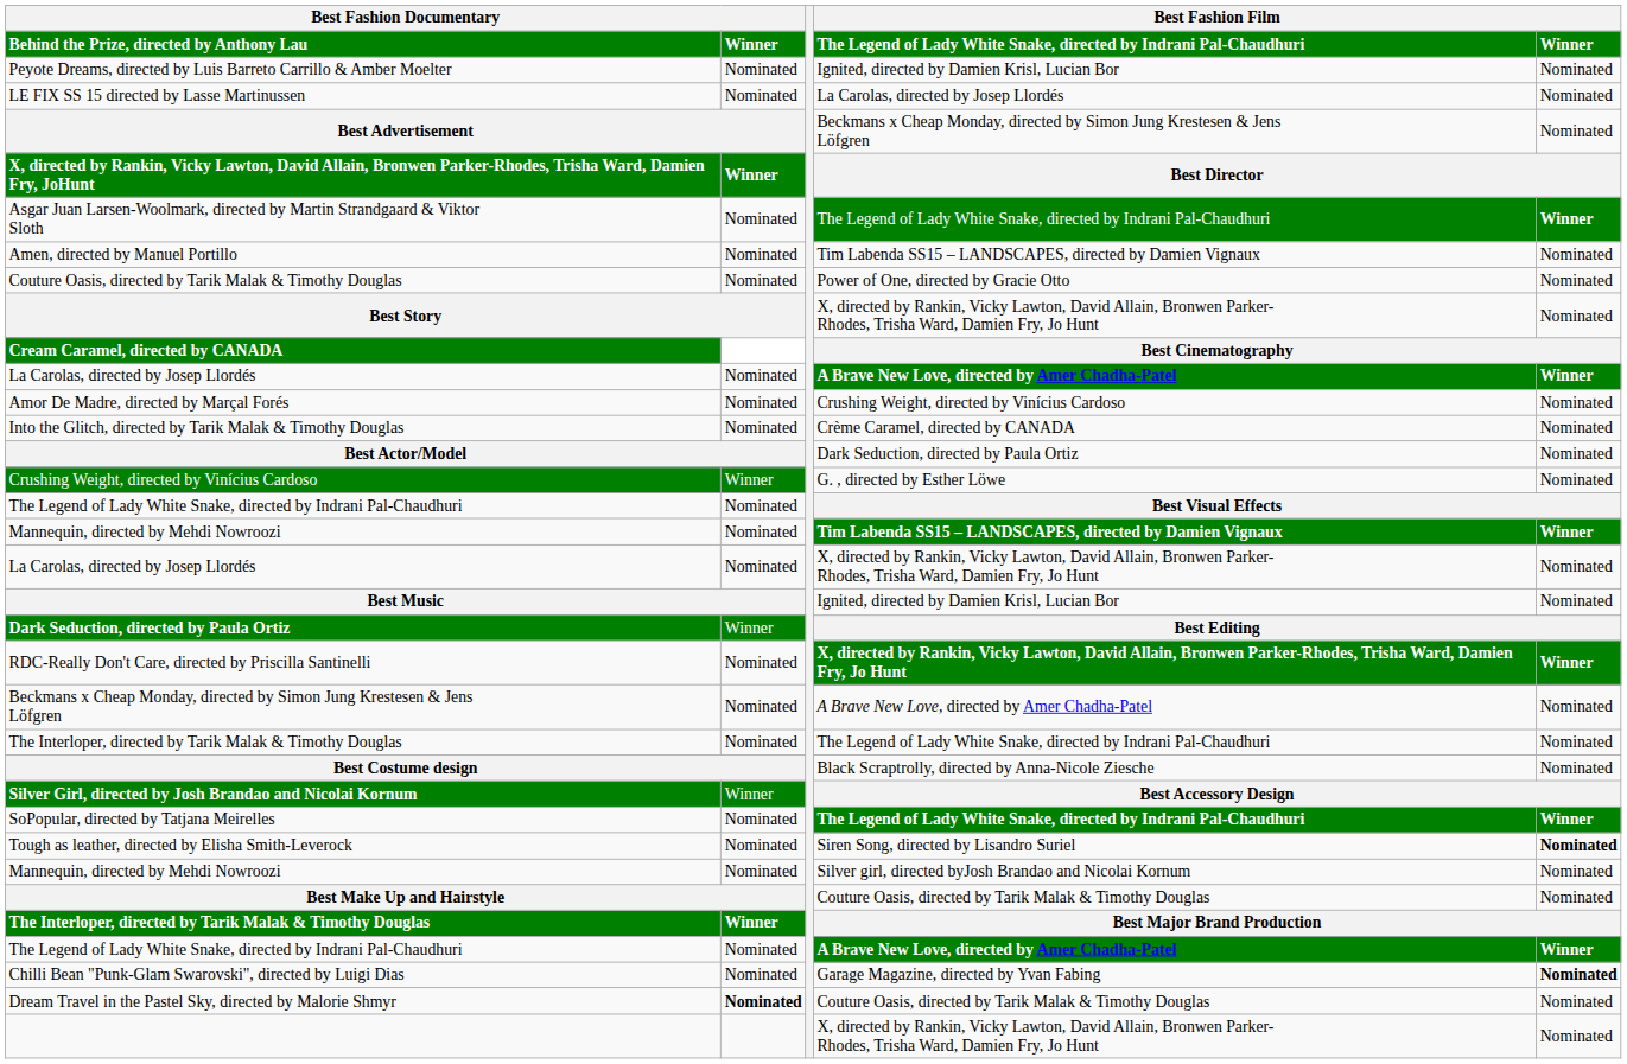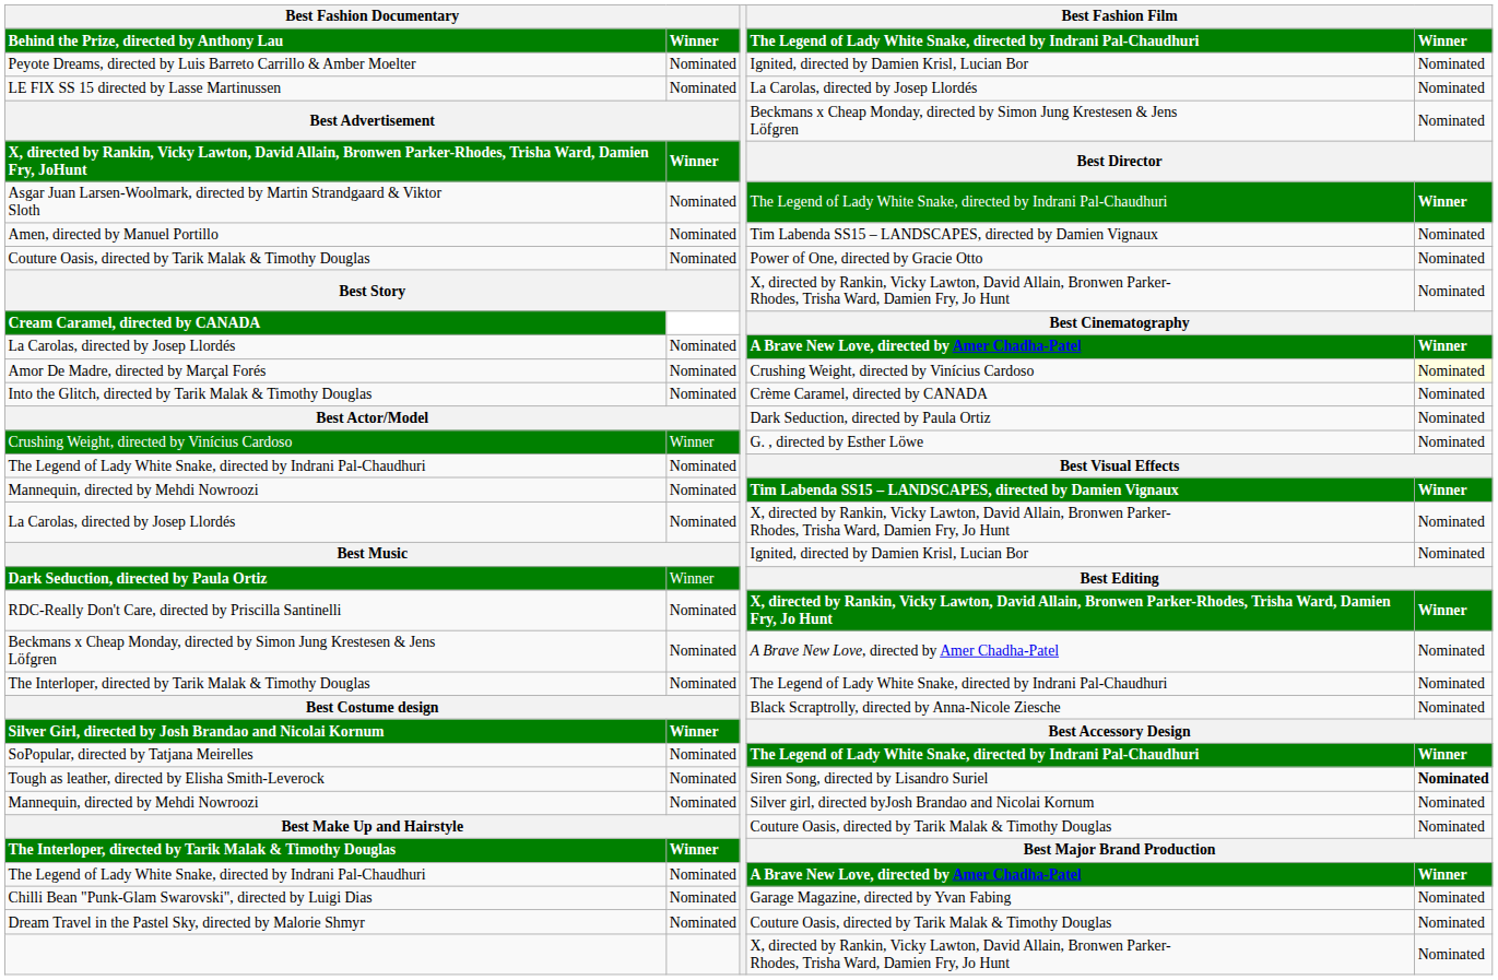 <table class="wikitable" style="width: 100%">
 <tr>
 <th colspan="2"><strong>Best Fashion Documentary</strong></th>
 <th rowspan="35"></th>
 <th colspan="2">Best Fashion Film</th>
 </tr>
 <tr>
 <td style="background: green;color: white;"><strong>Behind the Prize, directed by Anthony Lau</strong></td>
 <td style="background: green;color: white;"><strong>Winner</strong></td>
 <td style="background: green;color: white;"><strong>The Legend of Lady White Snake, directed by Indrani Pal-Chaudhuri</strong></td>
 <td style="background: green;color: white;"><strong>Winner</strong></td>
 </tr>
 <tr>
 <td>Peyote Dreams, directed by Luis Barreto Carrillo & Amber Moelter</td>
 <td>Nominated</td>
 <td>Ignited, directed by Damien Krisl, Lucian Bor</td>
 <td>Nominated</td>
 </tr>
 <tr>
 <td>LE FIX SS 15 directed by Lasse Martinussen</td>
 <td>Nominated</td>
 <td>La Carolas, directed by Josep Llordés</td>
 <td>Nominated</td>
 </tr>
 <tr>
 <th colspan="2">Best Advertisement</th>
 <td>Beckmans x Cheap Monday, directed by Simon Jung Krestesen & Jens<br>Löfgren</td>
 <td>Nominated</td>
 </tr>
 <tr>
 <td style="background: green;color: white;"><strong>X, directed by Rankin, Vicky Lawton, David Allain, Bronwen Parker-Rhodes, Trisha Ward, Damien Fry, JoHunt</strong></td>
 <td style="background: green;color: white;"><strong>Winner</strong></td>
 <th colspan="2">Best Director</th>
 </tr>
 <tr>
 <td>Asgar Juan Larsen-Woolmark, directed by Martin Strandgaard & Viktor<br>Sloth</td>
 <td>Nominated</td>
 <td style="background: green;color: white;">The Legend of Lady White Snake, directed by Indrani Pal-Chaudhuri</td>
 <td style="background: green;color: white;"><strong>Winner</strong></td>
 </tr>
 <tr>
 <td>Amen, directed by Manuel Portillo</td>
 <td>Nominated</td>
 <td>Tim Labenda SS15 – LANDSCAPES, directed by Damien Vignaux</td>
 <td>Nominated</td>
 </tr>
 <tr>
 <td>Couture Oasis, directed by Tarik Malak & Timothy Douglas</td>
 <td>Nominated</td>
 <td>Power of One, directed by Gracie Otto</td>
 <td>Nominated</td>
 </tr>
 <tr>
 <th colspan="2">Best Story</th>
 <td>X, directed by Rankin, Vicky Lawton, David Allain, Bronwen Parker-<br>Rhodes, Trisha Ward, Damien Fry, Jo Hunt</td>
 <td>Nominated</td>
 </tr>
 <tr>
 <td style="background: green;color: white;"><strong>Cream Caramel, directed by CANADA</strong></td>
 <td style="background: white;color: white;"><strong>Winner</strong></td>
 <th colspan="2">Best Cinematography</th>
 </tr>
 <tr>
 <td>La Carolas, directed by Josep Llordés</td>
 <td>Nominated</td>
 <td style="background: green;color: white;"><strong>A Brave New Love, directed by <a href='#'>Amer Chadha-Patel</a></strong></td>
 <td style="background: green;color: white;"><strong>Winner</strong></td>
 </tr>
 <tr>
 <td>Amor De Madre, directed by Marçal Forés</td>
 <td>Nominated</td>
 <td>Crushing Weight, directed by Vinícius Cardoso</td>
-<td>Nominated</td>
+<td style="background: lightyellow;">Nominated</td>
 </tr>
 <tr>
 <td>Into the Glitch, directed by  Tarik Malak & Timothy Douglas</td>
 <td>Nominated</td>
 <td>Crème Caramel, directed by CANADA</td>
 <td>Nominated</td>
 </tr>
 <tr>
 <th colspan="2">Best Actor/Model</th>
 <td>Dark Seduction, directed by Paula Ortiz</td>
 <td>Nominated</td>
 </tr>
 <tr>
 <td style="background: green;color: white;">Crushing Weight, directed by Vinícius Cardoso</td>
 <td style="background: green;color: white;">Winner</td>
 <td>G. , directed by Esther Löwe</td>
 <td>Nominated</td>
 </tr>
 <tr>
 <td>The Legend of Lady White Snake, directed by Indrani Pal-Chaudhuri</td>
 <td>Nominated</td>
 <th colspan="2">Best Visual Effects</th>
 </tr>
 <tr>
 <td>Mannequin, directed by Mehdi Nowroozi</td>
 <td>Nominated</td>
 <td style="background: green;color: white;"><strong>Tim Labenda SS15 – LANDSCAPES, directed by Damien Vignaux</strong></td>
 <td style="background: green;color: white;"><strong>Winner</strong></td>
 </tr>
 <tr>
 <td>La Carolas, directed by Josep Llordés</td>
 <td>Nominated</td>
 <td>X, directed by Rankin, Vicky Lawton, David Allain, Bronwen Parker-<br>Rhodes, Trisha Ward, Damien Fry, Jo Hunt</td>
 <td>Nominated</td>
 </tr>
 <tr>
 <th colspan="2">Best Music</th>
 <td>Ignited, directed by Damien Krisl, Lucian Bor</td>
 <td>Nominated</td>
 </tr>
 <tr>
 <td style="background: green;color: white;"><strong>Dark Seduction, directed by Paula Ortiz</strong></td>
 <td style="background: green;color: white;">Winner</td>
 <th colspan="2">Best Editing</th>
 </tr>
 <tr>
 <td>RDC-Really Don't Care, directed by Priscilla Santinelli</td>
 <td>Nominated</td>
 <td style="background: green;color: white;"><strong>X, directed by Rankin, Vicky Lawton, David Allain, Bronwen Parker-Rhodes, Trisha Ward, Damien Fry, Jo Hunt</strong></td>
 <td style="background: green;color: white;"><strong>Winner</strong></td>
 </tr>
 <tr>
 <td>Beckmans x Cheap Monday, directed by Simon Jung Krestesen & Jens<br>Löfgren</td>
 <td>Nominated</td>
 <td><em>A Brave New Love</em>, directed by <a href='#'>Amer Chadha-Patel</a></td>
 <td>Nominated</td>
 </tr>
 <tr>
 <td>The Interloper, directed by Tarik Malak & Timothy Douglas</td>
 <td>Nominated</td>
 <td>The Legend of Lady White Snake, directed by Indrani Pal-Chaudhuri</td>
 <td>Nominated</td>
 </tr>
 <tr>
 <th colspan="2">Best Costume design</th>
 <td>Black Scraptrolly, directed by Anna-Nicole Ziesche</td>
 <td>Nominated</td>
 </tr>
 <tr>
 <td style="background: green;color: white;"><strong>Silver Girl, directed by Josh Brandao and Nicolai Kornum</strong></td>
-<td style="background: green;color: white;">Winner</td>
+<td style="background: green;color: white;"><strong>Winner</strong></td>
 <th colspan="2">Best Accessory Design</th>
 </tr>
 <tr>
 <td>SoPopular, directed by Tatjana Meirelles</td>
 <td>Nominated</td>
 <td style="background: green;color: white;"><strong>The Legend of Lady White Snake, directed by Indrani Pal-Chaudhuri</strong></td>
 <td style="background: green;color: white;"><strong>Winner</strong></td>
 </tr>
 <tr>
 <td>Tough as leather, directed by Elisha Smith-Leverock</td>
 <td>Nominated</td>
 <td>Siren Song, directed by Lisandro Suriel</td>
 <td><strong>Nominated</strong></td>
 </tr>
 <tr>
 <td>Mannequin, directed by Mehdi Nowroozi</td>
 <td>Nominated</td>
 <td>Silver girl, directed byJosh Brandao and Nicolai Kornum</td>
 <td>Nominated</td>
 </tr>
 <tr>
 <th colspan="2">Best Make Up and Hairstyle</th>
 <td>Couture Oasis, directed by Tarik Malak & Timothy Douglas</td>
 <td>Nominated</td>
 </tr>
 <tr>
 <td style="background: green;color: white;"><strong>The Interloper, directed by Tarik Malak & Timothy Douglas</strong></td>
 <td style="background: green;color: white;"><strong>Winner</strong></td>
 <th colspan="2">Best Major Brand Production</th>
 </tr>
 <tr>
 <td>The Legend of Lady White Snake, directed by Indrani Pal-Chaudhuri</td>
 <td>Nominated</td>
 <td style="background: green;color: white;"><strong>A Brave New Love, directed by <a href='#'>Amer Chadha-Patel</a></strong></td>
 <td style="background: green;color: white;"><strong>Winner</strong></td>
 </tr>
 <tr>
 <td>Chilli Bean "Punk-Glam Swarovski", directed by Luigi Dias</td>
 <td>Nominated</td>
 <td>Garage Magazine, directed by Yvan Fabing</td>
-<td><strong>Nominated</strong></td>
+<td>Nominated</td>
 </tr>
 <tr>
 <td>Dream Travel in the Pastel Sky, directed by Malorie Shmyr</td>
-<td><strong>Nominated</strong></td>
+<td>Nominated</td>
 <td>Couture Oasis, directed by Tarik Malak & Timothy Douglas</td>
 <td>Nominated</td>
 </tr>
 <tr>
 <td></td>
 <td></td>
 <td>X, directed by Rankin, Vicky Lawton, David Allain, Bronwen Parker-<br>Rhodes, Trisha Ward, Damien Fry, Jo Hunt</td>
 <td>Nominated</td>
 </tr>
 </table>
